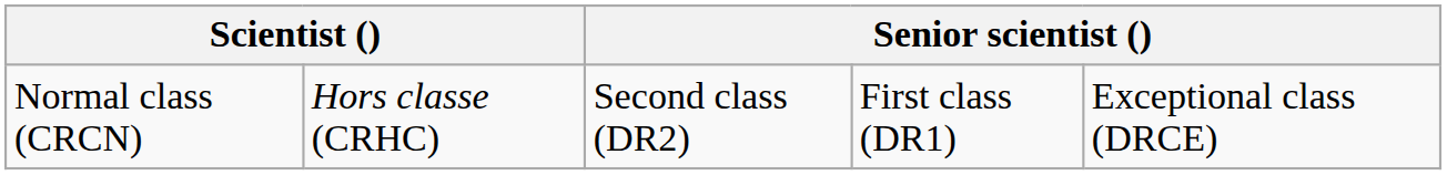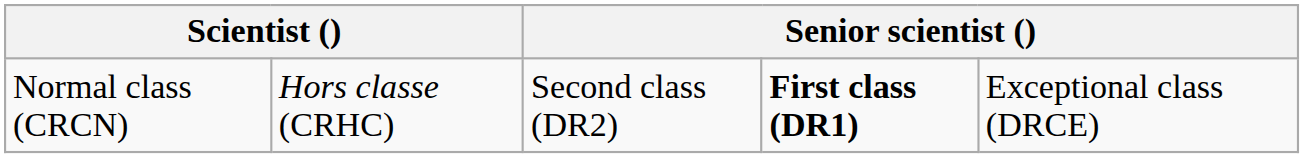 <table class="wikitable">
 <tr>
 <th colspan="2">Scientist ()</th>
 <th colspan="3">Senior scientist (<em></em>)</th>
 </tr>
 <tr>
 <td>Normal class (CRCN)</td>
 <td><em>Hors classe</em> (CRHC)</td>
 <td>Second class (DR2)</td>
-<td>First class (DR1)</td>
+<td><strong>First class (DR1)</strong></td>
 <td>Exceptional class (DRCE)</td>
 </tr>
 </table>
